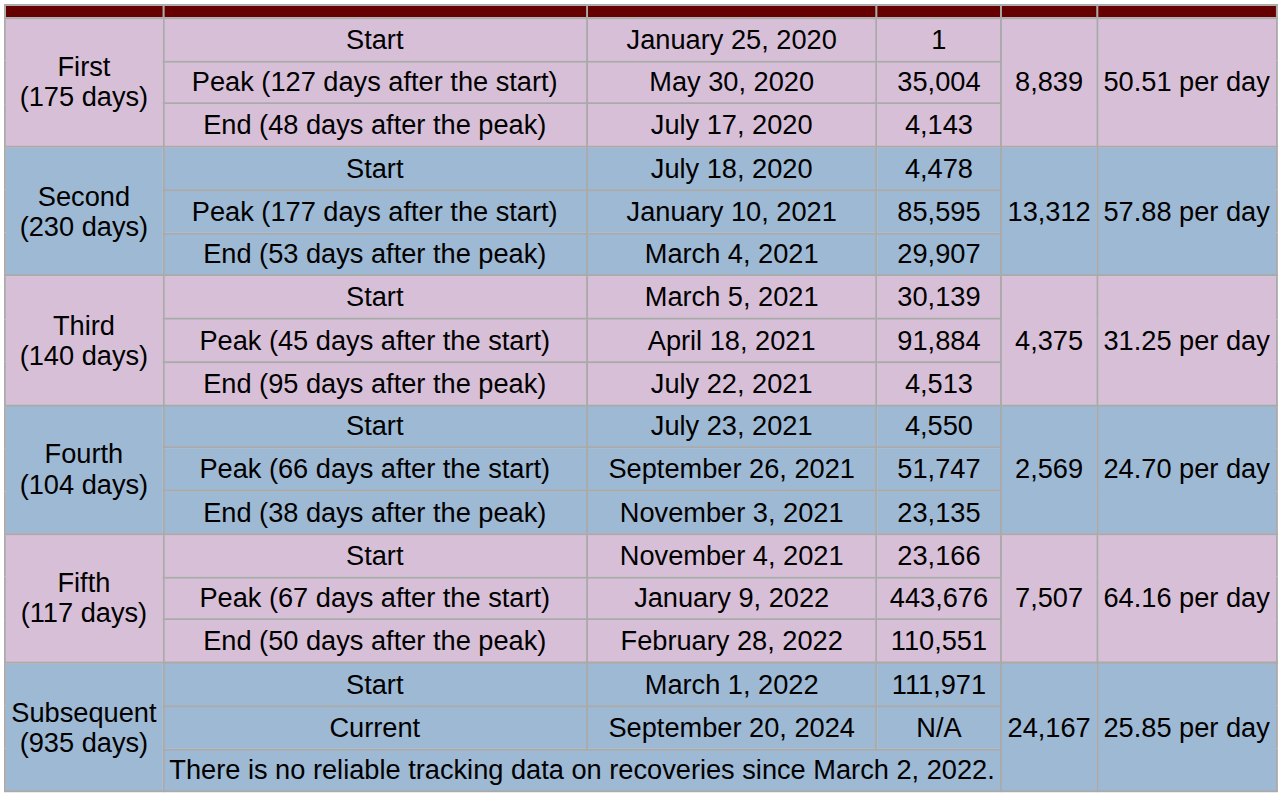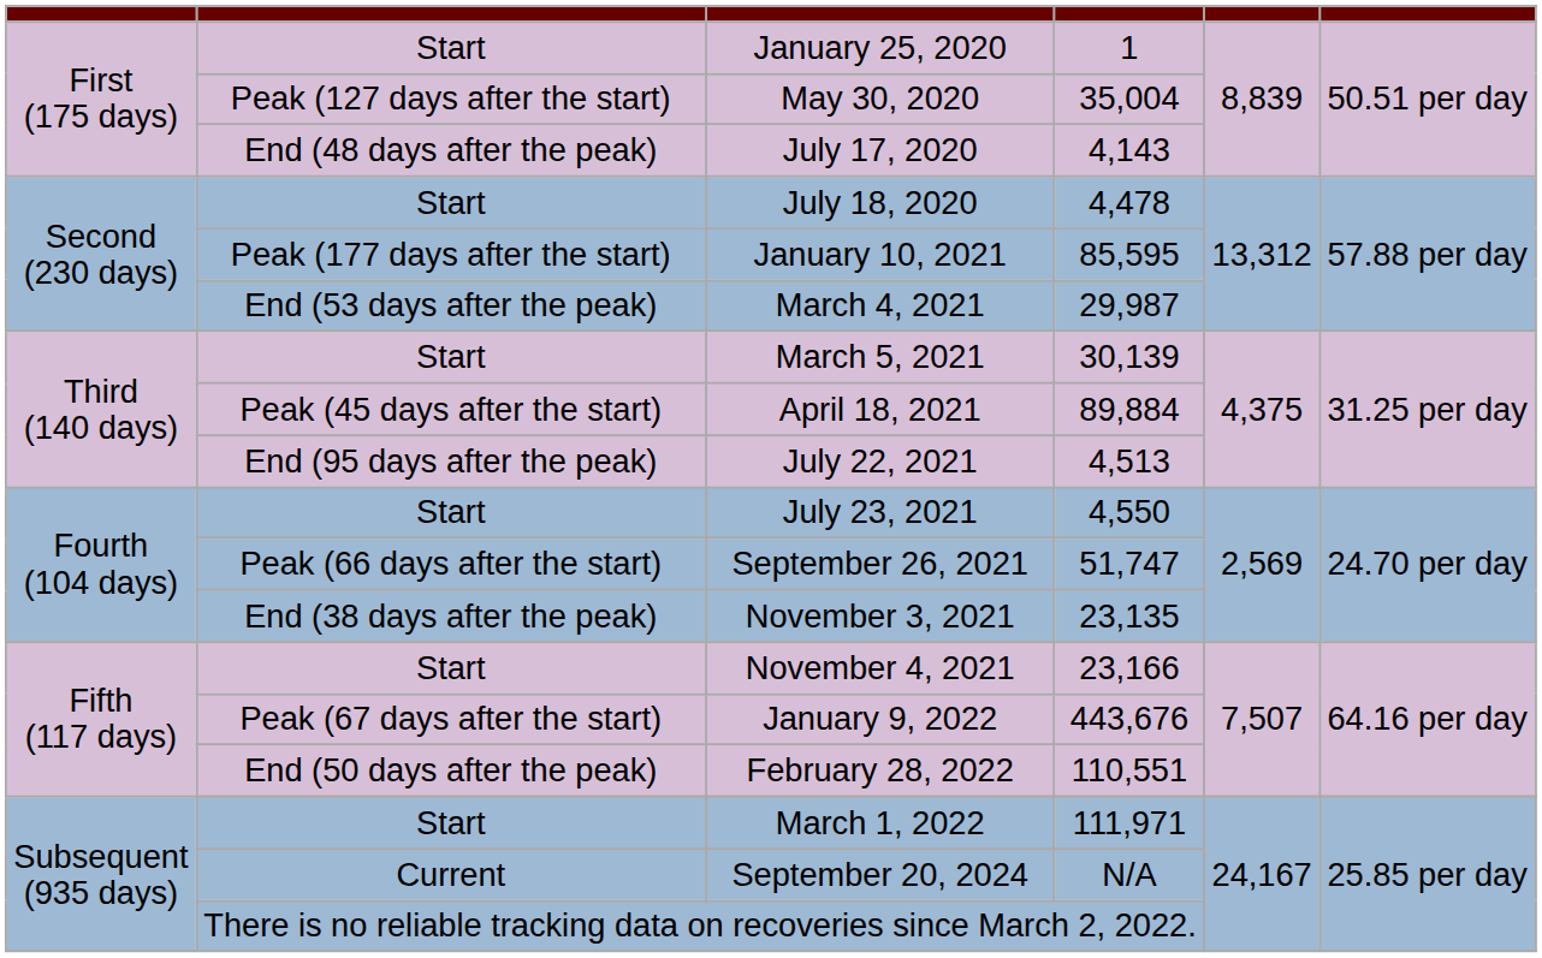 <table class="wikitable" style="text-align:center; text:#FFFFFF; font-size:90%">
 <tr>
 <th style="background:#660000"></th>
 <th style="background:#660000"></th>
 <th style="background:#660000"></th>
 <th style="background:#660000"></th>
 <th style="background:#660000"></th>
 <th style="background:#660000"></th>
 </tr>
 <tr>
 <td rowspan=3 style="background:#D8BFD8">First<br>(175 days)</td>
 <td style="background:#D8BFD8">Start</td>
 <td style="background:#D8BFD8">January 25, 2020</td>
 <td style="background:#D8BFD8">1</td>
 <td rowspan=3 style="background:#D8BFD8">8,839</td>
 <td rowspan=3 style="background:#D8BFD8">50.51 per day</td>
 </tr>
 <tr>
 <td style="background:#D8BFD8">Peak (127 days after the start)</td>
 <td style="background:#D8BFD8">May 30, 2020</td>
 <td style="background:#D8BFD8">35,004</td>
 </tr>
 <tr>
 <td style="background:#D8BFD8">End (48 days after the peak)</td>
 <td style="background:#D8BFD8">July 17, 2020</td>
 <td style="background:#D8BFD8">4,143</td>
 </tr>
 <tr>
 <td rowspan="3" style="background:#9EB9D4">Second<br>(230 days)</td>
 <td style="background:#9EB9D4">Start</td>
 <td style="background:#9EB9D4">July 18, 2020</td>
 <td style="background:#9EB9D4">4,478</td>
 <td rowspan=3 style="background:#9EB9D4">13,312</td>
 <td rowspan=3 style="background:#9EB9D4">57.88 per day</td>
 </tr>
 <tr>
 <td style="background:#9EB9D4">Peak (177 days after the start)</td>
 <td style="background:#9EB9D4">January 10, 2021</td>
 <td style="background:#9EB9D4">85,595</td>
 </tr>
 <tr>
 <td style="background:#9EB9D4">End (53 days after the peak)</td>
 <td style="background:#9EB9D4">March 4, 2021</td>
-<td style="background:#9EB9D4">29,907</td>
+<td style="background:#9EB9D4">29,987</td>
 </tr>
 <tr>
 <td rowspan=3 style="background:#D8BFD8">Third<br>(140 days)</td>
 <td style="background:#D8BFD8">Start</td>
 <td style="background:#D8BFD8">March 5, 2021</td>
 <td style="background:#D8BFD8">30,139</td>
 <td rowspan=3 style="background:#D8BFD8">4,375</td>
 <td rowspan=3 style="background:#D8BFD8">31.25 per day</td>
 </tr>
 <tr>
 <td style="background:#D8BFD8">Peak (45 days after the start)</td>
 <td style="background:#D8BFD8">April 18, 2021</td>
-<td style="background:#D8BFD8">91,884</td>
+<td style="background:#D8BFD8">89,884</td>
 </tr>
 <tr>
 <td style="background:#D8BFD8">End (95 days after the peak)</td>
 <td style="background:#D8BFD8">July 22, 2021</td>
 <td style="background:#D8BFD8">4,513</td>
 </tr>
 <tr>
 <td rowspan="3" style="background:#9EB9D4">Fourth<br>(104 days)</td>
 <td style="background:#9EB9D4">Start</td>
 <td style="background:#9EB9D4">July 23, 2021</td>
 <td style="background:#9EB9D4">4,550</td>
 <td rowspan=3 style="background:#9EB9D4">2,569</td>
 <td rowspan="3" style="background:#9EB9D4">24.70 per day</td>
 </tr>
 <tr>
 <td style="background:#9EB9D4">Peak (66 days after the start)</td>
 <td style="background:#9EB9D4">September 26, 2021</td>
 <td style="background:#9EB9D4">51,747</td>
 </tr>
 <tr>
 <td style="background:#9EB9D4">End (38 days after the peak)</td>
 <td style="background:#9EB9D4">November 3, 2021</td>
 <td style="background:#9EB9D4">23,135</td>
 </tr>
 <tr>
 <td rowspan=3 style="background:#D8BFD8">Fifth<br>(117 days)</td>
 <td style="background:#D8BFD8">Start</td>
 <td style="background:#D8BFD8">November 4, 2021</td>
 <td style="background:#D8BFD8">23,166</td>
 <td rowspan="3" style="background:#D8BFD8">7,507</td>
 <td rowspan="3" style="background:#D8BFD8">64.16 per day</td>
 </tr>
 <tr>
 <td style="background:#D8BFD8">Peak (67 days after the start)</td>
 <td style="background:#D8BFD8">January 9, 2022</td>
 <td style="background:#D8BFD8">443,676</td>
 </tr>
 <tr>
 <td style="background:#D8BFD8">End (50 days after the peak)</td>
 <td style="background:#D8BFD8">February 28, 2022</td>
 <td style="background:#D8BFD8">110,551</td>
 </tr>
 <tr>
 <td rowspan="4" style="background:#9EB9D4">Subsequent<br>(935 days)</td>
 </tr>
 <tr>
 <td style="background:#9EB9D4">Start</td>
 <td style="background:#9EB9D4">March 1, 2022</td>
 <td style="background:#9EB9D4">111,971</td>
 <td rowspan="4" style="background:#9EB9D4">24,167</td>
 <td rowspan="4" style="background:#9EB9D4">25.85 per day</td>
 </tr>
 <tr>
 <td style="background:#9EB9D4">Current</td>
 <td style="background:#9EB9D4">September 20, 2024</td>
 <td style="background:#9EB9D4">N/A</td>
 </tr>
 <tr>
 <td rowspan="2" colspan="3" style="background:#9EB9D4">There is no reliable tracking data on recoveries since March 2, 2022.</td>
 </tr>
 </table>
